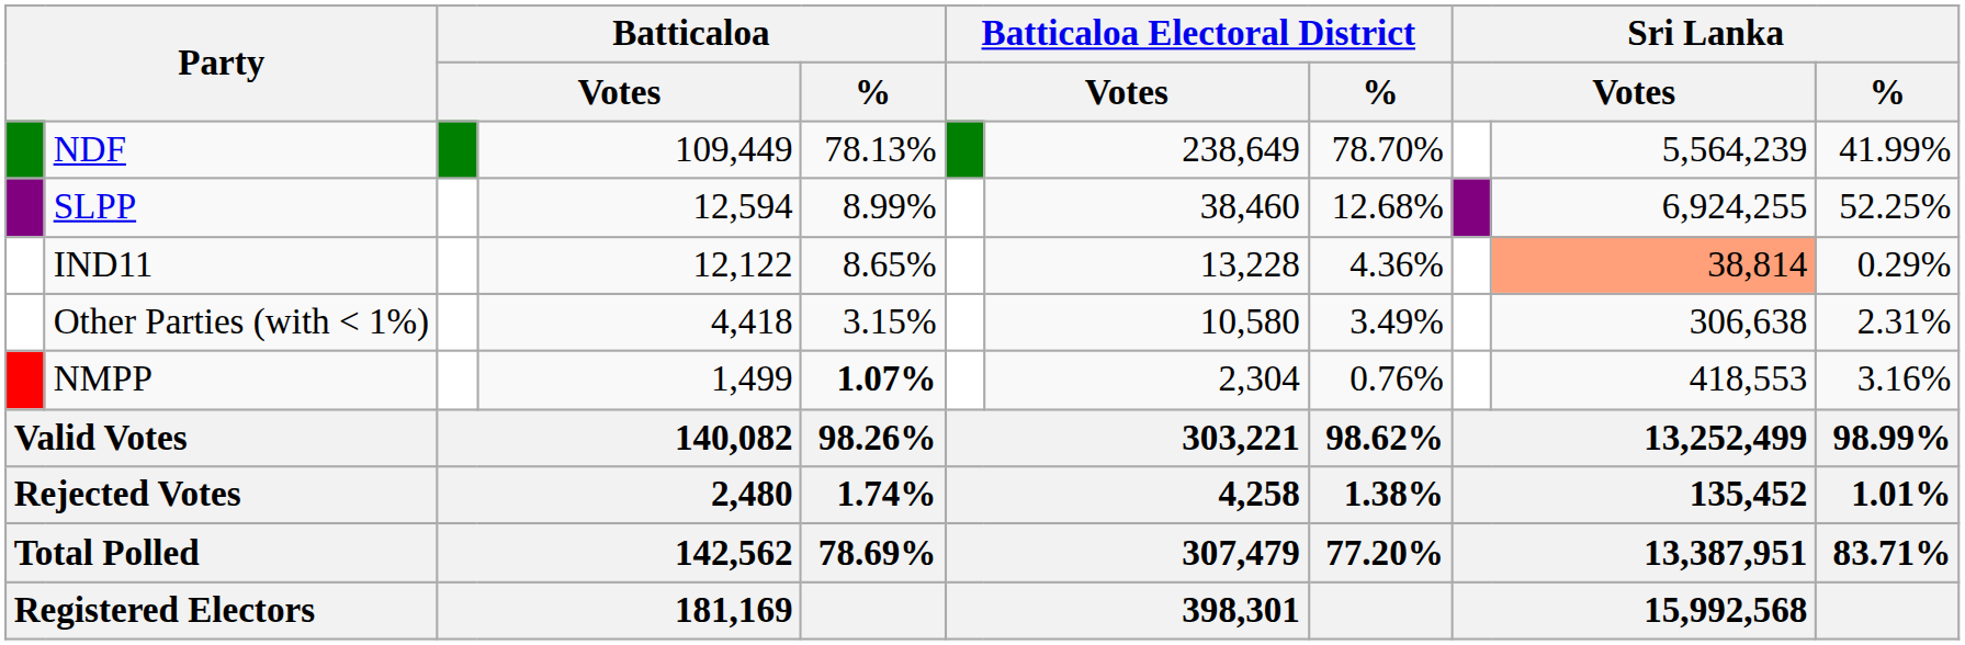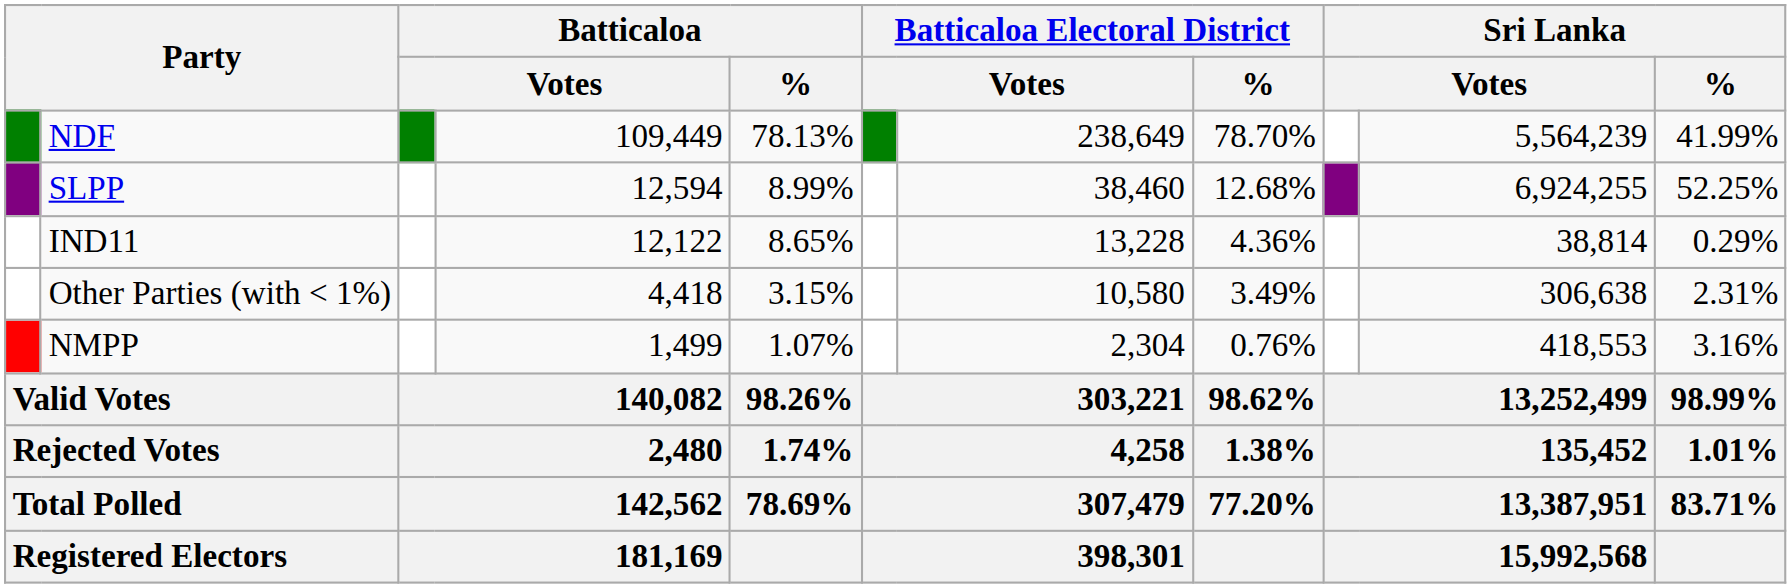 <table class="wikitable">
 <tr>
 <th colspan="2" width="144px"rowspan="2">Party</th>
 <th colspan="3" width="216px">Batticaloa</th>
 <th colspan="3" width="216px"><a href='#'>Batticaloa Electoral District</a></th>
 <th colspan="3" width="216px">Sri Lanka</th>
 </tr>
 <tr>
 <th colspan="2" width="144px">Votes</th>
 <th>%</th>
 <th colspan="2" width="144px">Votes</th>
 <th>%</th>
 <th colspan="2" width="144px">Votes</th>
 <th>%</th>
 </tr>
 <tr>
 <td style="background-color:green;" width="10px"></td>
 <td style="text-align:left;"><a href='#'>NDF</a></td>
 <td style="background-color:green;" width="10px"></td>
 <td style="text-align:right;">109,449</td>
 <td style="text-align:right;">78.13%</td>
 <td style="background-color:green;" width="10px"></td>
 <td style="text-align:right;">238,649</td>
 <td style="text-align:right;">78.70%</td>
 <td style="background-color:white;" width="10px"></td>
 <td style="text-align:right;">5,564,239</td>
 <td style="text-align:right;">41.99%</td>
 </tr>
 <tr>
 <td style="background-color:purple;" width="10px"></td>
 <td style="text-align:left;"><a href='#'>SLPP</a></td>
 <td style="background-color:white;" width="10px"></td>
 <td style="text-align:right;">12,594</td>
 <td style="text-align:right;">8.99%</td>
 <td style="background-color:white;" width="10px"></td>
 <td style="text-align:right;">38,460</td>
 <td style="text-align:right;">12.68%</td>
 <td style="background-color:purple;" width="10px"></td>
 <td style="text-align:right;">6,924,255</td>
 <td style="text-align:right;">52.25%</td>
 </tr>
 <tr>
 <td style="background-color:white;" width="10px"></td>
 <td style="text-align:left;">IND11</td>
 <td style="background-color:white;" width="10px"></td>
 <td style="text-align:right;">12,122</td>
 <td style="text-align:right;">8.65%</td>
 <td style="background-color:white;" width="10px"></td>
 <td style="text-align:right;">13,228</td>
 <td style="text-align:right;">4.36%</td>
 <td style="background-color:white;" width="10px"></td>
-<td style="background: lightsalmon; text-align:right;">38,814</td>
+<td style="text-align:right;">38,814</td>
 <td style="text-align:right;">0.29%</td>
 </tr>
 <tr>
 <td style="background-color:white;" width="10px"></td>
 <td style="text-align:left;">Other Parties (with < 1%)</td>
 <td style="background-color:white;" width="10px"></td>
 <td style="text-align:right;">4,418</td>
 <td style="text-align:right;">3.15%</td>
 <td style="background-color:white;" width="10px"></td>
 <td style="text-align:right;">10,580</td>
 <td style="text-align:right;">3.49%</td>
 <td style="background-color:white;" width="10px"></td>
 <td style="text-align:right;">306,638</td>
 <td style="text-align:right;">2.31%</td>
 </tr>
 <tr>
 <td style="background-color:red;" width="10px"></td>
 <td style="text-align:left;">NMPP</td>
 <td style="background-color:white;" width="10px"></td>
 <td style="text-align:right;">1,499</td>
-<td style="text-align:right;"><strong>1.07%</strong></td>
+<td style="text-align:right;">1.07%</td>
 <td style="background-color:white;" width="10px"></td>
 <td style="text-align:right;">2,304</td>
 <td style="text-align:right;">0.76%</td>
 <td style="background-color:white;" width="10px"></td>
 <td style="text-align:right;">418,553</td>
 <td style="text-align:right;">3.16%</td>
 </tr>
 <tr>
 <th colspan="2" width="144px"style="text-align:left;">Valid Votes</th>
 <th style="text-align:right;"colspan="2" width="144px">140,082</th>
 <th style="text-align:right;">98.26%</th>
 <th style="text-align:right;"colspan="2" width="144px">303,221</th>
 <th style="text-align:right;">98.62%</th>
 <th style="text-align:right;"colspan="2" width="144px">13,252,499</th>
 <th style="text-align:right;">98.99%</th>
 </tr>
 <tr>
 <th colspan="2" width="144px"style="text-align:left;">Rejected Votes</th>
 <th style="text-align:right;"colspan="2" width="144px">2,480</th>
 <th style="text-align:right;">1.74%</th>
 <th style="text-align:right;"colspan="2" width="144px">4,258</th>
 <th style="text-align:right;">1.38%</th>
 <th style="text-align:right;"colspan="2" width="144px">135,452</th>
 <th style="text-align:right;">1.01%</th>
 </tr>
 <tr>
 <th colspan="2" width="144px"style="text-align:left;">Total Polled</th>
 <th style="text-align:right;"colspan="2" width="144px">142,562</th>
 <th style="text-align:right;">78.69%</th>
 <th style="text-align:right;"colspan="2" width="144px">307,479</th>
 <th style="text-align:right;">77.20%</th>
 <th style="text-align:right;"colspan="2" width="144px">13,387,951</th>
 <th style="text-align:right;">83.71%</th>
 </tr>
 <tr>
 <th colspan="2" width="144px"style="text-align:left;">Registered Electors</th>
 <th style="text-align:right;"colspan="2" width="144px">181,169</th>
 <th></th>
 <th style="text-align:right;"colspan="2" width="144px">398,301</th>
 <th></th>
 <th style="text-align:right;"colspan="2" width="144px">15,992,568</th>
 <th></th>
 </tr>
 </table>
